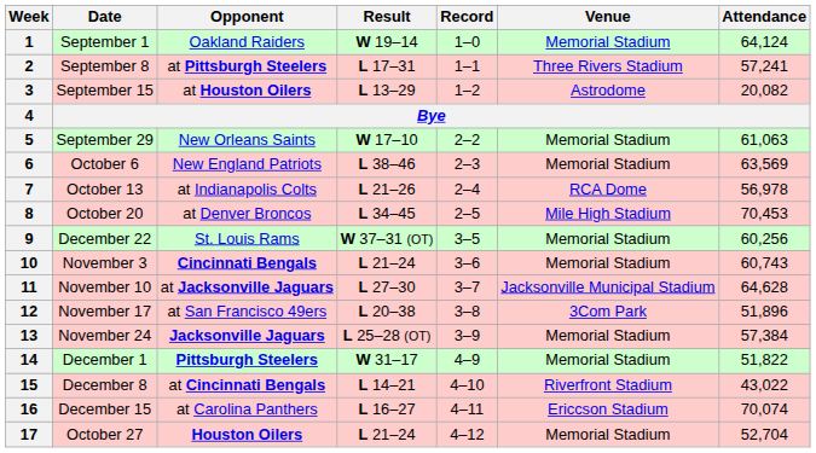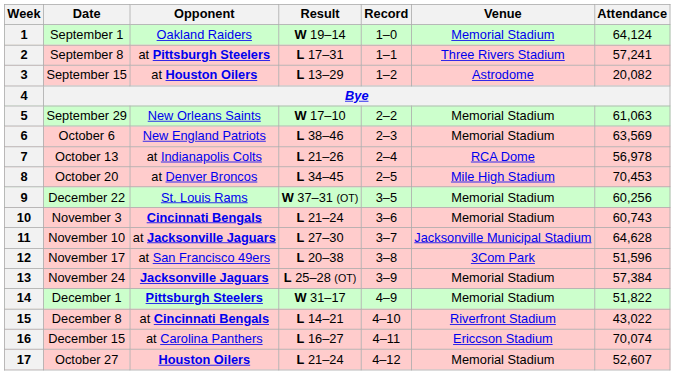 <table class="wikitable" style="text-align:center">
 <tr>
 <th>Week</th>
 <th>Date</th>
 <th>Opponent</th>
 <th>Result</th>
 <th>Record</th>
 <th>Venue</th>
 <th>Attendance</th>
 </tr>
 <tr style="background: #cfc;">
 <th>1</th>
 <td>September 1</td>
 <td><a href='#'>Oakland Raiders</a></td>
 <td><strong>W</strong> 19–14</td>
 <td>1–0</td>
 <td><a href='#'>Memorial Stadium</a></td>
 <td>64,124</td>
 </tr>
 <tr style="background: #fcc;">
 <th>2</th>
 <td>September 8</td>
 <td>at <strong><a href='#'>Pittsburgh Steelers</a></strong></td>
 <td><strong>L</strong> 17–31</td>
 <td>1–1</td>
 <td><a href='#'>Three Rivers Stadium</a></td>
 <td>57,241</td>
 </tr>
 <tr style="background: #fcc;">
 <th>3</th>
 <td>September 15</td>
 <td>at <strong><a href='#'>Houston Oilers</a></strong></td>
 <td><strong>L</strong> 13–29</td>
 <td>1–2</td>
 <td><a href='#'>Astrodome</a></td>
 <td>20,082</td>
 </tr>
 <tr>
 <th>4</th>
 <th colspan=6><em><a href='#'>Bye</a></em></th>
 </tr>
 <tr style="background: #cfc;">
 <th>5</th>
 <td>September 29</td>
 <td><a href='#'>New Orleans Saints</a></td>
 <td><strong>W</strong> 17–10</td>
 <td>2–2</td>
 <td>Memorial Stadium</td>
 <td>61,063</td>
 </tr>
 <tr style="background: #fcc;">
 <th>6</th>
 <td>October 6</td>
 <td><a href='#'>New England Patriots</a></td>
 <td><strong>L</strong> 38–46</td>
 <td>2–3</td>
 <td>Memorial Stadium</td>
 <td>63,569</td>
 </tr>
 <tr style="background: #fcc;">
 <th>7</th>
 <td>October 13</td>
 <td>at <a href='#'>Indianapolis Colts</a></td>
 <td><strong>L</strong> 21–26</td>
 <td>2–4</td>
 <td><a href='#'>RCA Dome</a></td>
 <td>56,978</td>
 </tr>
 <tr style="background: #fcc;">
 <th>8</th>
 <td>October 20</td>
 <td>at <a href='#'>Denver Broncos</a></td>
 <td><strong>L</strong> 34–45</td>
 <td>2–5</td>
 <td><a href='#'>Mile High Stadium</a></td>
 <td>70,453</td>
 </tr>
 <tr style="background: #cfc;">
 <th>9</th>
 <td>December 22</td>
 <td><a href='#'>St. Louis Rams</a></td>
 <td><strong>W</strong> 37–31 <small>(OT)</small></td>
 <td>3–5</td>
 <td>Memorial Stadium</td>
 <td>60,256</td>
 </tr>
 <tr style="background: #fcc;">
 <th>10</th>
 <td>November 3</td>
 <td><strong><a href='#'>Cincinnati Bengals</a></strong></td>
 <td><strong>L</strong> 21–24</td>
 <td>3–6</td>
 <td>Memorial Stadium</td>
 <td>60,743</td>
 </tr>
 <tr style="background: #fcc;">
 <th>11</th>
 <td>November 10</td>
 <td>at <strong><a href='#'>Jacksonville Jaguars</a></strong></td>
 <td><strong>L</strong> 27–30</td>
 <td>3–7</td>
 <td><a href='#'>Jacksonville Municipal Stadium</a></td>
 <td>64,628</td>
 </tr>
 <tr style="background: #fcc;">
 <th>12</th>
 <td>November 17</td>
 <td>at <a href='#'>San Francisco 49ers</a></td>
 <td><strong>L</strong> 20–38</td>
 <td>3–8</td>
 <td><a href='#'>3Com Park</a></td>
-<td>51,896</td>
+<td>51,596</td>
 </tr>
 <tr style="background: #fcc;">
 <th>13</th>
 <td>November 24</td>
 <td><strong><a href='#'>Jacksonville Jaguars</a></strong></td>
 <td><strong>L</strong> 25–28 <small>(OT)</small></td>
 <td>3–9</td>
 <td>Memorial Stadium</td>
 <td>57,384</td>
 </tr>
 <tr style="background: #cfc;">
 <th>14</th>
 <td>December 1</td>
 <td><strong><a href='#'>Pittsburgh Steelers</a></strong></td>
 <td><strong>W</strong> 31–17</td>
 <td>4–9</td>
 <td>Memorial Stadium</td>
 <td>51,822</td>
 </tr>
 <tr style="background: #fcc;">
 <th>15</th>
 <td>December 8</td>
 <td>at <strong><a href='#'>Cincinnati Bengals</a></strong></td>
 <td><strong>L</strong> 14–21</td>
 <td>4–10</td>
 <td><a href='#'>Riverfront Stadium</a></td>
 <td>43,022</td>
 </tr>
 <tr style="background: #fcc;">
 <th>16</th>
 <td>December 15</td>
 <td>at <a href='#'>Carolina Panthers</a></td>
 <td><strong>L</strong> 16–27</td>
 <td>4–11</td>
 <td><a href='#'>Ericcson Stadium</a></td>
 <td>70,074</td>
 </tr>
 <tr style="background: #fcc;">
 <th>17</th>
 <td>October 27</td>
 <td><strong><a href='#'>Houston Oilers</a></strong></td>
 <td><strong>L</strong> 21–24</td>
 <td>4–12</td>
 <td>Memorial Stadium</td>
-<td>52,704</td>
+<td>52,607</td>
 </tr>
 </table>
